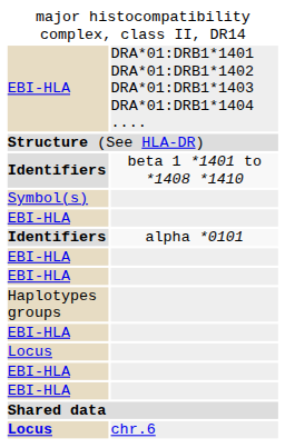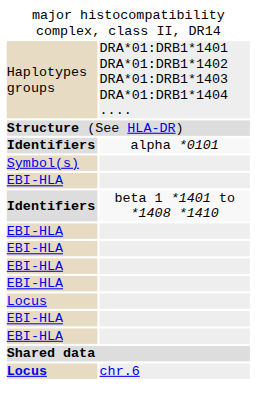 <table id="drugInfoBox" style="float: right; clear: right; margin: 0 0 0.5em 1em; background: #ffffff;" class="toccolours" border=0 cellpadding=0 align=right width="240px">
 <tr>
 <td align="center" colspan="2"></td>
 </tr>
 <tr>
 <td align="center" colspan="2"><div>major histocompatibility complex, class II, DR14</div></td>
 </tr>
 <tr>
-<td bgcolor="#e7dcc3"><a href='#'>EBI-HLA</a></td>
+<td bgcolor="#e7dcc3">Haplotypes groups</td>
 <td bgcolor="#eeeeee">DRA*01:DRB1*1401 DRA*01:DRB1*1402 DRA*01:DRB1*1403 DRA*01:DRB1*1404 ....</td>
 </tr>
 <tr>
 <td colspan="2" bgcolor="#dddddd"><strong>Structure</strong> (See <a href='#'>HLA-DR</a>)</td>
 </tr>
 <tr style="background:#f8f8f8">
 <td bgcolor="#dddddd"><strong>Identifiers</strong></td>
-<td align="center"><div>beta 1 <em>*1401</em> to <em>*1408</em> <em>*1410</em></div></td>
+<td align="center"><div>alpha <em>*0101</em></div></td>
 </tr>
 <tr>
 <td bgcolor="#e7dcc3"><a href='#'>Symbol(s)</a></td>
 <td bgcolor="#eeeeee"></td>
 </tr>
 <tr>
 <td bgcolor="#e7dcc3"><a href='#'>EBI-HLA</a></td>
 <td bgcolor="#eeeeee"></td>
 </tr>
 <tr style="background:#f8f8f8">
 <td bgcolor="#dddddd"><strong>Identifiers</strong></td>
-<td align="center"><div>alpha <em>*0101</em></div></td>
+<td align="center"><div>beta 1 <em>*1401</em> to <em>*1408</em> <em>*1410</em></div></td>
 </tr>
 <tr>
 <td bgcolor="#e7dcc3"><a href='#'>EBI-HLA</a></td>
 <td bgcolor="#eeeeee"></td>
 </tr>
 <tr>
 <td bgcolor="#e7dcc3"><a href='#'>EBI-HLA</a></td>
 <td bgcolor="#eeeeee"> </td>
 </tr>
 <tr>
-<td bgcolor="#e7dcc3">Haplotypes groups</td>
+<td bgcolor="#e7dcc3"><a href='#'>EBI-HLA</a></td>
 <td bgcolor="#eeeeee"></td>
 </tr>
 <tr>
 <td bgcolor="#e7dcc3"><a href='#'>EBI-HLA</a></td>
 <td bgcolor="#eeeeee"></td>
 </tr>
 <tr>
 <td bgcolor="#e7dcc3"><a href='#'>Locus</a></td>
 <td bgcolor="#eeeeee"></td>
 </tr>
 <tr>
 <td bgcolor="#e7dcc3"><a href='#'>EBI-HLA</a></td>
 <td bgcolor="#eeeeee"> </td>
 </tr>
 <tr>
 <td bgcolor="#e7dcc3"><a href='#'>EBI-HLA</a></td>
 <td bgcolor="#eeeeee"></td>
 </tr>
 <tr>
 <td colspan="2" bgcolor="#dddddd"><strong>Shared data</strong></td>
 </tr>
 <tr>
 <td bgcolor="#e7dcc3"><strong><a href='#'>Locus</a></strong></td>
 <td bgcolor="#eeeeee"><a href='#'>chr.6</a> <em></em></td>
 </tr>
 <tr>
 </tr>
 </table>
